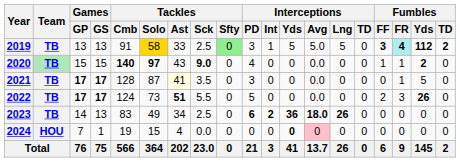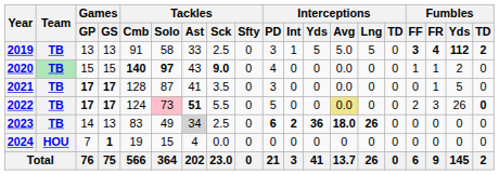 <table class="wikitable" style="text-align: center;">
 <tr>
 <th rowspan="2">Year</th>
 <th rowspan="2">Team</th>
 <th colspan="2">Games</th>
 <th colspan="5">Tackles</th>
 <th colspan="6">Interceptions</th>
 <th colspan="4">Fumbles</th>
 </tr>
 <tr>
 <th>GP</th>
 <th>GS</th>
 <th>Cmb</th>
 <th>Solo</th>
 <th>Ast</th>
 <th>Sck</th>
 <th>Sfty</th>
 <th>PD</th>
 <th>Int</th>
 <th>Yds</th>
 <th>Avg</th>
 <th>Lng</th>
 <th>TD</th>
 <th>FF</th>
 <th>FR</th>
 <th>Yds</th>
 <th>TD</th>
 </tr>
 <tr>
 <th><a href='#'>2019</a></th>
 <th><a href='#'>TB</a></th>
 <td>13</td>
 <td>13</td>
 <td>91</td>
-<td style="background: gold;">58</td>
+<td>58</td>
 <td>33</td>
 <td>2.5</td>
-<td style="background: lightgreen;">0</td>
+<td>0</td>
 <td>3</td>
 <td>1</td>
 <td>5</td>
 <td>5.0</td>
 <td>5</td>
 <td>0</td>
 <td><strong>3</strong></td>
-<td style="background: paleturquoise;"><strong>4</strong></td>
+<td><strong>4</strong></td>
 <td><strong>112</strong></td>
 <td><strong>2</strong></td>
 </tr>
 <tr>
 <th><a href='#'>2020</a></th>
 <th style="background:#afe6ba; width:3em;"><a href='#'>TB</a></th>
 <td>15</td>
 <td>15</td>
 <td><strong>140</strong></td>
 <td><strong>97</strong></td>
 <td>43</td>
 <td><strong>9.0</strong></td>
 <td>0</td>
 <td>4</td>
 <td>0</td>
 <td>0</td>
 <td>0.0</td>
 <td>0</td>
 <td>0</td>
 <td>1</td>
 <td>1</td>
-<td><strong>2</strong></td>
+<td>2</td>
 <td>0</td>
 </tr>
 <tr>
 <th><a href='#'>2021</a></th>
 <th><a href='#'>TB</a></th>
 <td><strong>17</strong></td>
 <td><strong>17</strong></td>
 <td>128</td>
 <td>87</td>
-<td style="background: lightyellow;">41</td>
+<td>41</td>
 <td>3.5</td>
 <td>0</td>
 <td>3</td>
 <td>0</td>
 <td>0</td>
 <td>0.0</td>
 <td>0</td>
 <td>0</td>
 <td>0</td>
 <td>1</td>
 <td>5</td>
 <td>0</td>
 </tr>
 <tr>
 <th><a href='#'>2022</a></th>
 <th><a href='#'>TB</a></th>
 <td><strong>17</strong></td>
 <td><strong>17</strong></td>
 <td>124</td>
-<td>73</td>
+<td style="background: pink;">73</td>
 <td><strong>51</strong></td>
 <td>5.5</td>
 <td>0</td>
 <td>5</td>
 <td>0</td>
 <td>0</td>
-<td>0.0</td>
+<td style="background: khaki;">0.0</td>
 <td>0</td>
 <td>0</td>
 <td>2</td>
 <td>3</td>
-<td><strong>26</strong></td>
-<td>0</td>
+<td>26</td>
+<td><strong>0</strong></td>
 </tr>
 <tr>
 <th><a href='#'>2023</a></th>
 <th><a href='#'>TB</a></th>
 <td>14</td>
 <td>13</td>
 <td>83</td>
 <td>49</td>
-<td>34</td>
+<td style="background: lightgrey;">34</td>
 <td>2.5</td>
 <td>0</td>
 <td><strong>6</strong></td>
 <td><strong>2</strong></td>
 <td><strong>36</strong></td>
 <td><strong>18.0</strong></td>
 <td><strong>26</strong></td>
 <td>0</td>
 <td>0</td>
 <td>0</td>
 <td>0</td>
 <td>0</td>
 </tr>
 <tr>
 <th><a href='#'>2024</a></th>
 <th><a href='#'>HOU</a></th>
 <td>7</td>
-<td>1</td>
+<td><strong>1</strong></td>
 <td>19</td>
 <td>15</td>
 <td>4</td>
 <td>0.0</td>
 <td>0</td>
 <td>0</td>
 <td>0</td>
-<td><strong>0</strong></td>
-<td style="background: pink;">0</td>
+<td>0</td>
+<td>0</td>
 <td>0</td>
 <td>0</td>
 <td>0</td>
 <td>0</td>
 <td>0</td>
 <td>0</td>
 </tr>
 <tr>
 <th colspan="2">Total</th>
 <th>76</th>
 <th>75</th>
 <th>566</th>
 <th>364</th>
 <th>202</th>
 <th>23.0</th>
 <th>0</th>
 <th>21</th>
 <th>3</th>
 <th>41</th>
 <th>13.7</th>
 <th>26</th>
 <th>0</th>
 <th>6</th>
 <th>9</th>
 <th>145</th>
 <th>2</th>
 </tr>
 </table>
